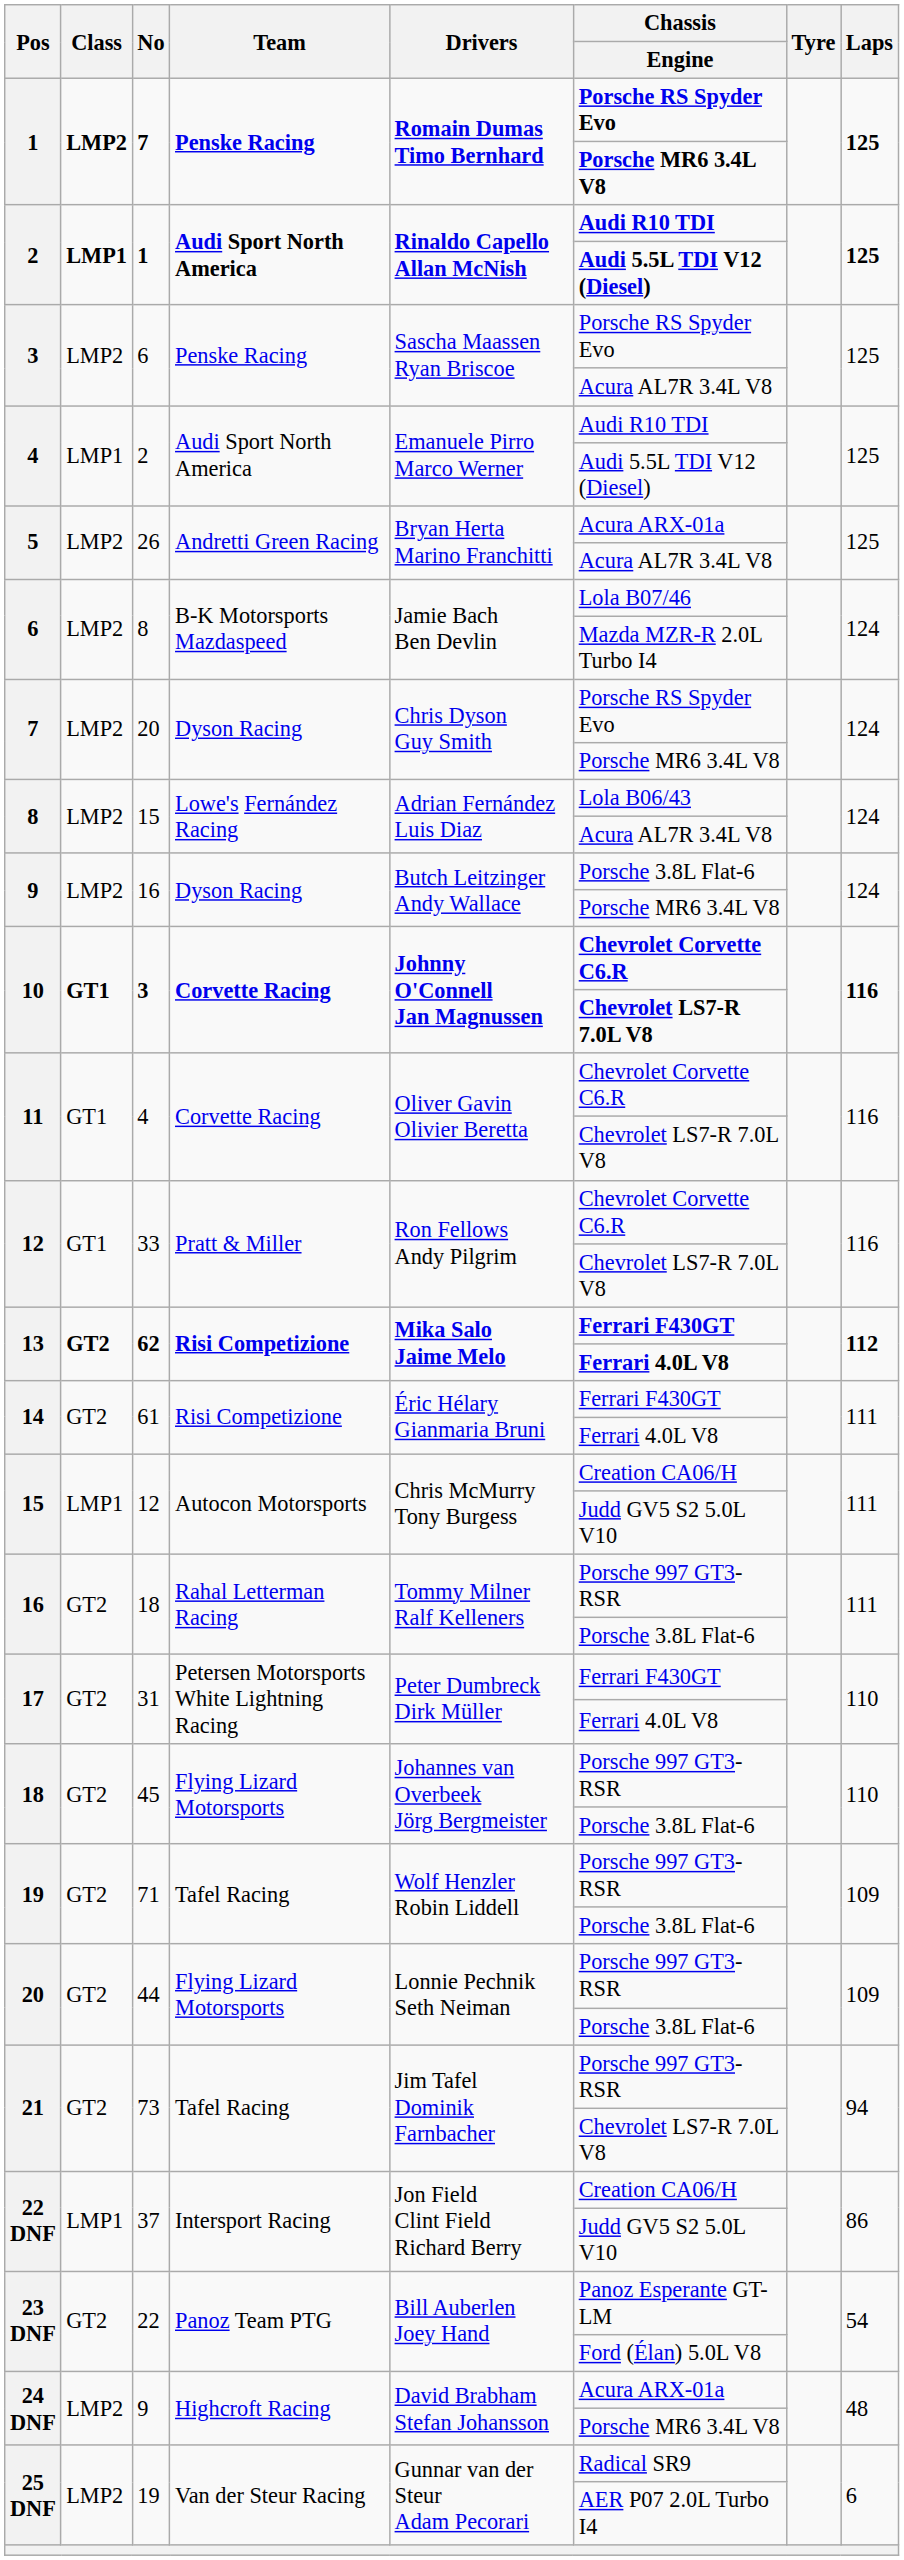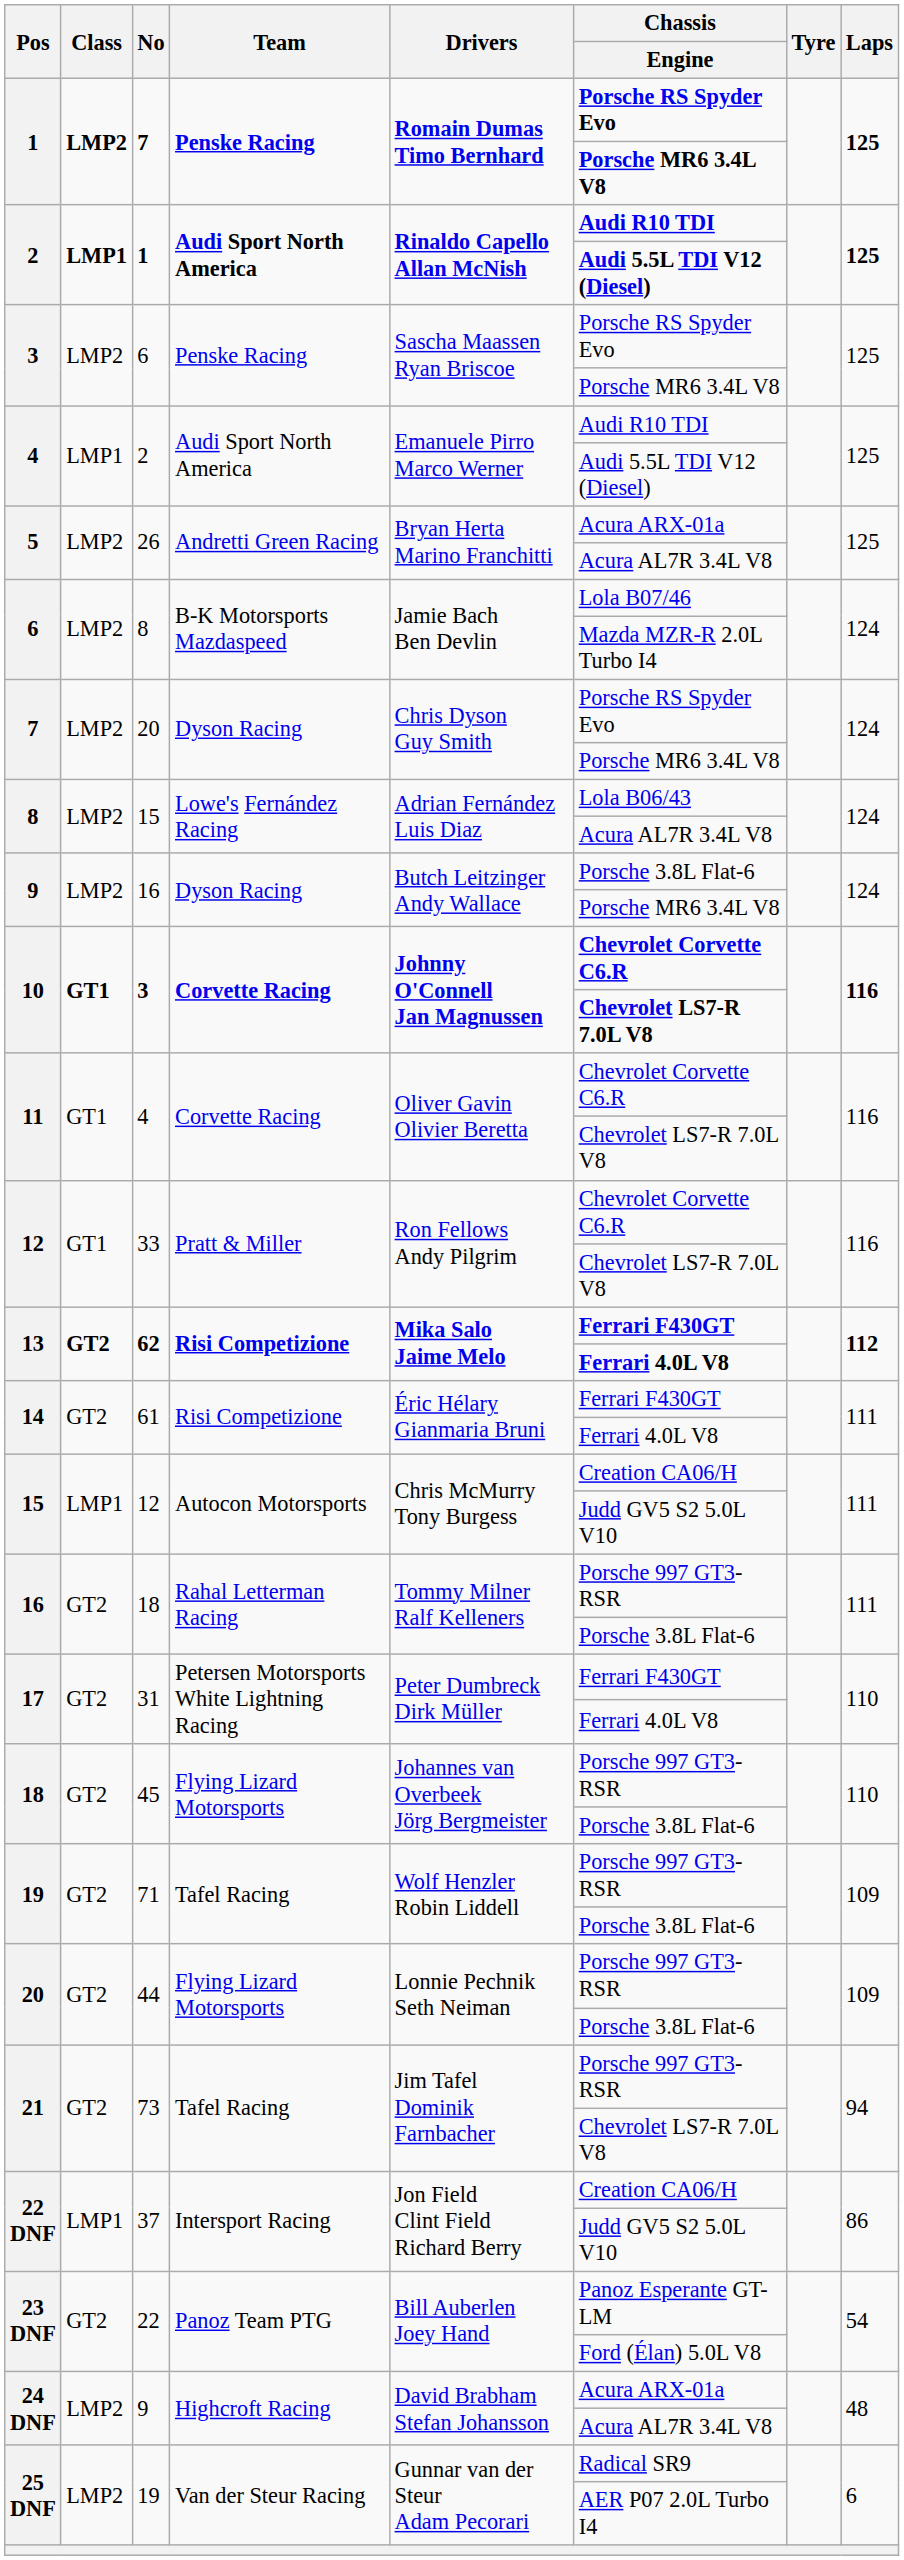 <table class="wikitable" style="font-size: 95%;">
 <tr>
 <th rowspan=2>Pos</th>
 <th rowspan=2>Class</th>
 <th rowspan=2>No</th>
 <th rowspan=2>Team</th>
 <th rowspan=2>Drivers</th>
 <th>Chassis</th>
 <th rowspan=2>Tyre</th>
 <th rowspan=2>Laps</th>
 </tr>
 <tr>
 <th>Engine</th>
 </tr>
 <tr style="font-weight:bold">
 <th rowspan=2>1</th>
 <td rowspan=2>LMP2</td>
 <td rowspan=2>7</td>
 <td rowspan=2> <a href='#'>Penske Racing</a></td>
 <td rowspan=2> <a href='#'>Romain Dumas</a><br> <a href='#'>Timo Bernhard</a></td>
 <td><a href='#'>Porsche RS Spyder</a> Evo</td>
 <td rowspan=2></td>
 <td rowspan=2>125</td>
 </tr>
 <tr style="font-weight:bold">
 <td><a href='#'>Porsche</a> MR6 3.4L V8</td>
 </tr>
 <tr style="font-weight:bold">
 <th rowspan=2>2</th>
 <td rowspan=2>LMP1</td>
 <td rowspan=2>1</td>
 <td rowspan=2> <a href='#'>Audi</a> Sport North America</td>
 <td rowspan=2> <a href='#'>Rinaldo Capello</a><br> <a href='#'>Allan McNish</a></td>
 <td><a href='#'>Audi R10 TDI</a></td>
 <td rowspan=2></td>
 <td rowspan=2>125</td>
 </tr>
 <tr style="font-weight:bold">
 <td><a href='#'>Audi</a> 5.5L <a href='#'>TDI</a> V12<br>(<a href='#'>Diesel</a>)</td>
 </tr>
 <tr>
 <th rowspan=2>3</th>
 <td rowspan=2>LMP2</td>
 <td rowspan=2>6</td>
 <td rowspan=2> <a href='#'>Penske Racing</a></td>
 <td rowspan=2> <a href='#'>Sascha Maassen</a><br> <a href='#'>Ryan Briscoe</a></td>
 <td><a href='#'>Porsche RS Spyder</a> Evo</td>
 <td rowspan=2></td>
 <td rowspan=2>125</td>
 </tr>
 <tr>
-<td><a href='#'>Acura</a> AL7R 3.4L V8</td>
+<td><a href='#'>Porsche</a> MR6 3.4L V8</td>
 </tr>
 <tr>
 <th rowspan=2>4</th>
 <td rowspan=2>LMP1</td>
 <td rowspan=2>2</td>
 <td rowspan=2> <a href='#'>Audi</a> Sport North America</td>
 <td rowspan=2> <a href='#'>Emanuele Pirro</a><br> <a href='#'>Marco Werner</a></td>
 <td><a href='#'>Audi R10 TDI</a></td>
 <td rowspan=2></td>
 <td rowspan=2>125</td>
 </tr>
 <tr>
 <td><a href='#'>Audi</a> 5.5L <a href='#'>TDI</a> V12<br>(<a href='#'>Diesel</a>)</td>
 </tr>
 <tr>
 <th rowspan=2>5</th>
 <td rowspan=2>LMP2</td>
 <td rowspan=2>26</td>
 <td rowspan=2> <a href='#'>Andretti Green Racing</a></td>
 <td rowspan=2> <a href='#'>Bryan Herta</a><br> <a href='#'>Marino Franchitti</a></td>
 <td><a href='#'>Acura ARX-01a</a></td>
 <td rowspan=2></td>
 <td rowspan=2>125</td>
 </tr>
 <tr>
 <td><a href='#'>Acura</a> AL7R 3.4L V8</td>
 </tr>
 <tr>
 <th rowspan=2>6</th>
 <td rowspan=2>LMP2</td>
 <td rowspan=2>8</td>
 <td rowspan=2> B-K Motorsports<br> <a href='#'>Mazdaspeed</a></td>
 <td rowspan=2> Jamie Bach<br> Ben Devlin</td>
 <td><a href='#'>Lola B07/46</a></td>
 <td rowspan=2></td>
 <td rowspan=2>124</td>
 </tr>
 <tr>
 <td><a href='#'>Mazda MZR-R</a> 2.0L Turbo I4</td>
 </tr>
 <tr>
 <th rowspan=2>7</th>
 <td rowspan=2>LMP2</td>
 <td rowspan=2>20</td>
 <td rowspan=2> <a href='#'>Dyson Racing</a></td>
 <td rowspan=2> <a href='#'>Chris Dyson</a><br> <a href='#'>Guy Smith</a></td>
 <td><a href='#'>Porsche RS Spyder</a> Evo</td>
 <td rowspan=2></td>
 <td rowspan=2>124</td>
 </tr>
 <tr>
 <td><a href='#'>Porsche</a> MR6 3.4L V8</td>
 </tr>
 <tr>
 <th rowspan=2>8</th>
 <td rowspan=2>LMP2</td>
 <td rowspan=2>15</td>
 <td rowspan=2> <a href='#'>Lowe's</a> <a href='#'>Fernández Racing</a></td>
 <td rowspan=2> <a href='#'>Adrian Fernández</a><br> <a href='#'>Luis Diaz</a></td>
 <td><a href='#'>Lola B06/43</a></td>
 <td rowspan=2></td>
 <td rowspan=2>124</td>
 </tr>
 <tr>
 <td><a href='#'>Acura</a> AL7R 3.4L V8</td>
 </tr>
 <tr>
 <th rowspan=2>9</th>
 <td rowspan=2>LMP2</td>
 <td rowspan=2>16</td>
 <td rowspan=2> <a href='#'>Dyson Racing</a></td>
 <td rowspan=2> <a href='#'>Butch Leitzinger</a><br> <a href='#'>Andy Wallace</a></td>
 <td><a href='#'>Porsche</a> 3.8L Flat-6</td>
 <td rowspan=2></td>
 <td rowspan=2>124</td>
 </tr>
 <tr>
 <td><a href='#'>Porsche</a> MR6 3.4L V8</td>
 </tr>
 <tr style="font-weight:bold">
 <th rowspan=2>10</th>
 <td rowspan=2>GT1</td>
 <td rowspan=2>3</td>
 <td rowspan=2> <a href='#'>Corvette Racing</a></td>
 <td rowspan=2> <a href='#'>Johnny O'Connell</a><br> <a href='#'>Jan Magnussen</a></td>
 <td><a href='#'>Chevrolet Corvette C6.R</a></td>
 <td rowspan=2></td>
 <td rowspan=2>116</td>
 </tr>
 <tr style="font-weight:bold">
 <td><a href='#'>Chevrolet</a> LS7-R 7.0L V8</td>
 </tr>
 <tr>
 <th rowspan=2>11</th>
 <td rowspan=2>GT1</td>
 <td rowspan=2>4</td>
 <td rowspan=2> <a href='#'>Corvette Racing</a></td>
 <td rowspan=2> <a href='#'>Oliver Gavin</a><br> <a href='#'>Olivier Beretta</a></td>
 <td><a href='#'>Chevrolet Corvette C6.R</a></td>
 <td rowspan=2></td>
 <td rowspan=2>116</td>
 </tr>
 <tr>
 <td><a href='#'>Chevrolet</a> LS7-R 7.0L V8</td>
 </tr>
 <tr>
 <th rowspan=2>12</th>
 <td rowspan=2>GT1</td>
 <td rowspan=2>33</td>
 <td rowspan=2> <a href='#'>Pratt & Miller</a></td>
 <td rowspan=2> <a href='#'>Ron Fellows</a><br> Andy Pilgrim</td>
 <td><a href='#'>Chevrolet Corvette C6.R</a></td>
 <td rowspan=2></td>
 <td rowspan=2>116</td>
 </tr>
 <tr>
 <td><a href='#'>Chevrolet</a> LS7-R 7.0L V8</td>
 </tr>
 <tr style="font-weight:bold">
 <th rowspan=2>13</th>
 <td rowspan=2>GT2</td>
 <td rowspan=2>62</td>
 <td rowspan=2> <a href='#'>Risi Competizione</a></td>
 <td rowspan=2> <a href='#'>Mika Salo</a><br> <a href='#'>Jaime Melo</a></td>
 <td><a href='#'>Ferrari F430GT</a></td>
 <td rowspan=2></td>
 <td rowspan=2>112</td>
 </tr>
 <tr style="font-weight:bold">
 <td><a href='#'>Ferrari</a> 4.0L V8</td>
 </tr>
 <tr>
 <th rowspan=2>14</th>
 <td rowspan=2>GT2</td>
 <td rowspan=2>61</td>
 <td rowspan=2> <a href='#'>Risi Competizione</a></td>
 <td rowspan=2> <a href='#'>Éric Hélary</a><br> <a href='#'>Gianmaria Bruni</a></td>
 <td><a href='#'>Ferrari F430GT</a></td>
 <td rowspan=2></td>
 <td rowspan=2>111</td>
 </tr>
 <tr>
 <td><a href='#'>Ferrari</a> 4.0L V8</td>
 </tr>
 <tr>
 <th rowspan=2>15</th>
 <td rowspan=2>LMP1</td>
 <td rowspan=2>12</td>
 <td rowspan=2> Autocon Motorsports</td>
 <td rowspan=2> Chris McMurry<br> Tony Burgess</td>
 <td><a href='#'>Creation CA06/H</a></td>
 <td rowspan=2></td>
 <td rowspan=2>111</td>
 </tr>
 <tr>
 <td><a href='#'>Judd</a> GV5 S2 5.0L V10</td>
 </tr>
 <tr>
 <th rowspan=2>16</th>
 <td rowspan=2>GT2</td>
 <td rowspan=2>18</td>
 <td rowspan=2> <a href='#'>Rahal Letterman Racing</a></td>
 <td rowspan=2> <a href='#'>Tommy Milner</a><br> <a href='#'>Ralf Kelleners</a></td>
 <td><a href='#'>Porsche 997 GT3</a>-RSR</td>
 <td rowspan=2></td>
 <td rowspan=2>111</td>
 </tr>
 <tr>
 <td><a href='#'>Porsche</a> 3.8L Flat-6</td>
 </tr>
 <tr>
 <th rowspan=2>17</th>
 <td rowspan=2>GT2</td>
 <td rowspan=2>31</td>
 <td rowspan=2> Petersen Motorsports<br> White Lightning Racing</td>
 <td rowspan=2> <a href='#'>Peter Dumbreck</a><br> <a href='#'>Dirk Müller</a></td>
 <td><a href='#'>Ferrari F430GT</a></td>
 <td rowspan=2></td>
 <td rowspan=2>110</td>
 </tr>
 <tr>
 <td><a href='#'>Ferrari</a> 4.0L V8</td>
 </tr>
 <tr>
 <th rowspan=2>18</th>
 <td rowspan=2>GT2</td>
 <td rowspan=2>45</td>
 <td rowspan=2> <a href='#'>Flying Lizard Motorsports</a></td>
 <td rowspan=2> <a href='#'>Johannes van Overbeek</a><br> <a href='#'>Jörg Bergmeister</a></td>
 <td><a href='#'>Porsche 997 GT3</a>-RSR</td>
 <td rowspan=2></td>
 <td rowspan=2>110</td>
 </tr>
 <tr>
 <td><a href='#'>Porsche</a> 3.8L Flat-6</td>
 </tr>
 <tr>
 <th rowspan=2>19</th>
 <td rowspan=2>GT2</td>
 <td rowspan=2>71</td>
 <td rowspan=2> Tafel Racing</td>
 <td rowspan=2> <a href='#'>Wolf Henzler</a><br> Robin Liddell</td>
 <td><a href='#'>Porsche 997 GT3</a>-RSR</td>
 <td rowspan=2></td>
 <td rowspan=2>109</td>
 </tr>
 <tr>
 <td><a href='#'>Porsche</a> 3.8L Flat-6</td>
 </tr>
 <tr>
 <th rowspan=2>20</th>
 <td rowspan=2>GT2</td>
 <td rowspan=2>44</td>
 <td rowspan=2> <a href='#'>Flying Lizard Motorsports</a></td>
 <td rowspan=2> Lonnie Pechnik<br> Seth Neiman</td>
 <td><a href='#'>Porsche 997 GT3</a>-RSR</td>
 <td rowspan=2></td>
 <td rowspan=2>109</td>
 </tr>
 <tr>
 <td><a href='#'>Porsche</a> 3.8L Flat-6</td>
 </tr>
 <tr>
 <th rowspan=2>21</th>
 <td rowspan=2>GT2</td>
 <td rowspan=2>73</td>
 <td rowspan=2> Tafel Racing</td>
 <td rowspan=2> Jim Tafel<br> <a href='#'>Dominik Farnbacher</a></td>
 <td><a href='#'>Porsche 997 GT3</a>-RSR</td>
 <td rowspan=2></td>
 <td rowspan=2>94</td>
 </tr>
 <tr>
 <td><a href='#'>Chevrolet</a> LS7-R 7.0L V8</td>
 </tr>
 <tr>
 <th rowspan=2>22<br>DNF</th>
 <td rowspan=2>LMP1</td>
 <td rowspan=2>37</td>
 <td rowspan=2> Intersport Racing</td>
 <td rowspan=2> Jon Field<br> Clint Field<br> Richard Berry</td>
 <td><a href='#'>Creation CA06/H</a></td>
 <td rowspan=2></td>
 <td rowspan=2>86</td>
 </tr>
 <tr>
 <td><a href='#'>Judd</a> GV5 S2 5.0L V10</td>
 </tr>
 <tr>
 <th rowspan=2>23<br>DNF</th>
 <td rowspan=2>GT2</td>
 <td rowspan=2>22</td>
 <td rowspan=2> <a href='#'>Panoz</a> Team PTG</td>
 <td rowspan=2> <a href='#'>Bill Auberlen</a><br> <a href='#'>Joey Hand</a></td>
 <td><a href='#'>Panoz Esperante</a> GT-LM</td>
 <td rowspan=2></td>
 <td rowspan=2>54</td>
 </tr>
 <tr>
 <td><a href='#'>Ford</a> (<a href='#'>Élan</a>) 5.0L V8</td>
 </tr>
 <tr>
 <th rowspan=2>24<br>DNF</th>
 <td rowspan=2>LMP2</td>
 <td rowspan=2>9</td>
 <td rowspan=2> <a href='#'>Highcroft Racing</a></td>
 <td rowspan=2> <a href='#'>David Brabham</a><br> <a href='#'>Stefan Johansson</a></td>
 <td><a href='#'>Acura ARX-01a</a></td>
 <td rowspan=2></td>
 <td rowspan=2>48</td>
 </tr>
 <tr>
-<td><a href='#'>Porsche</a> MR6 3.4L V8</td>
+<td><a href='#'>Acura</a> AL7R 3.4L V8</td>
 </tr>
 <tr>
 <th rowspan=2>25<br>DNF</th>
 <td rowspan=2>LMP2</td>
 <td rowspan=2>19</td>
 <td rowspan=2> Van der Steur Racing</td>
 <td rowspan=2> Gunnar van der Steur<br> <a href='#'>Adam Pecorari</a></td>
 <td><a href='#'>Radical</a> SR9</td>
 <td rowspan=2></td>
 <td rowspan=2>6</td>
 </tr>
 <tr>
 <td><a href='#'>AER</a> P07 2.0L Turbo I4</td>
 </tr>
 <tr>
 <th colspan=8> </th>
 </tr>
 </table>
